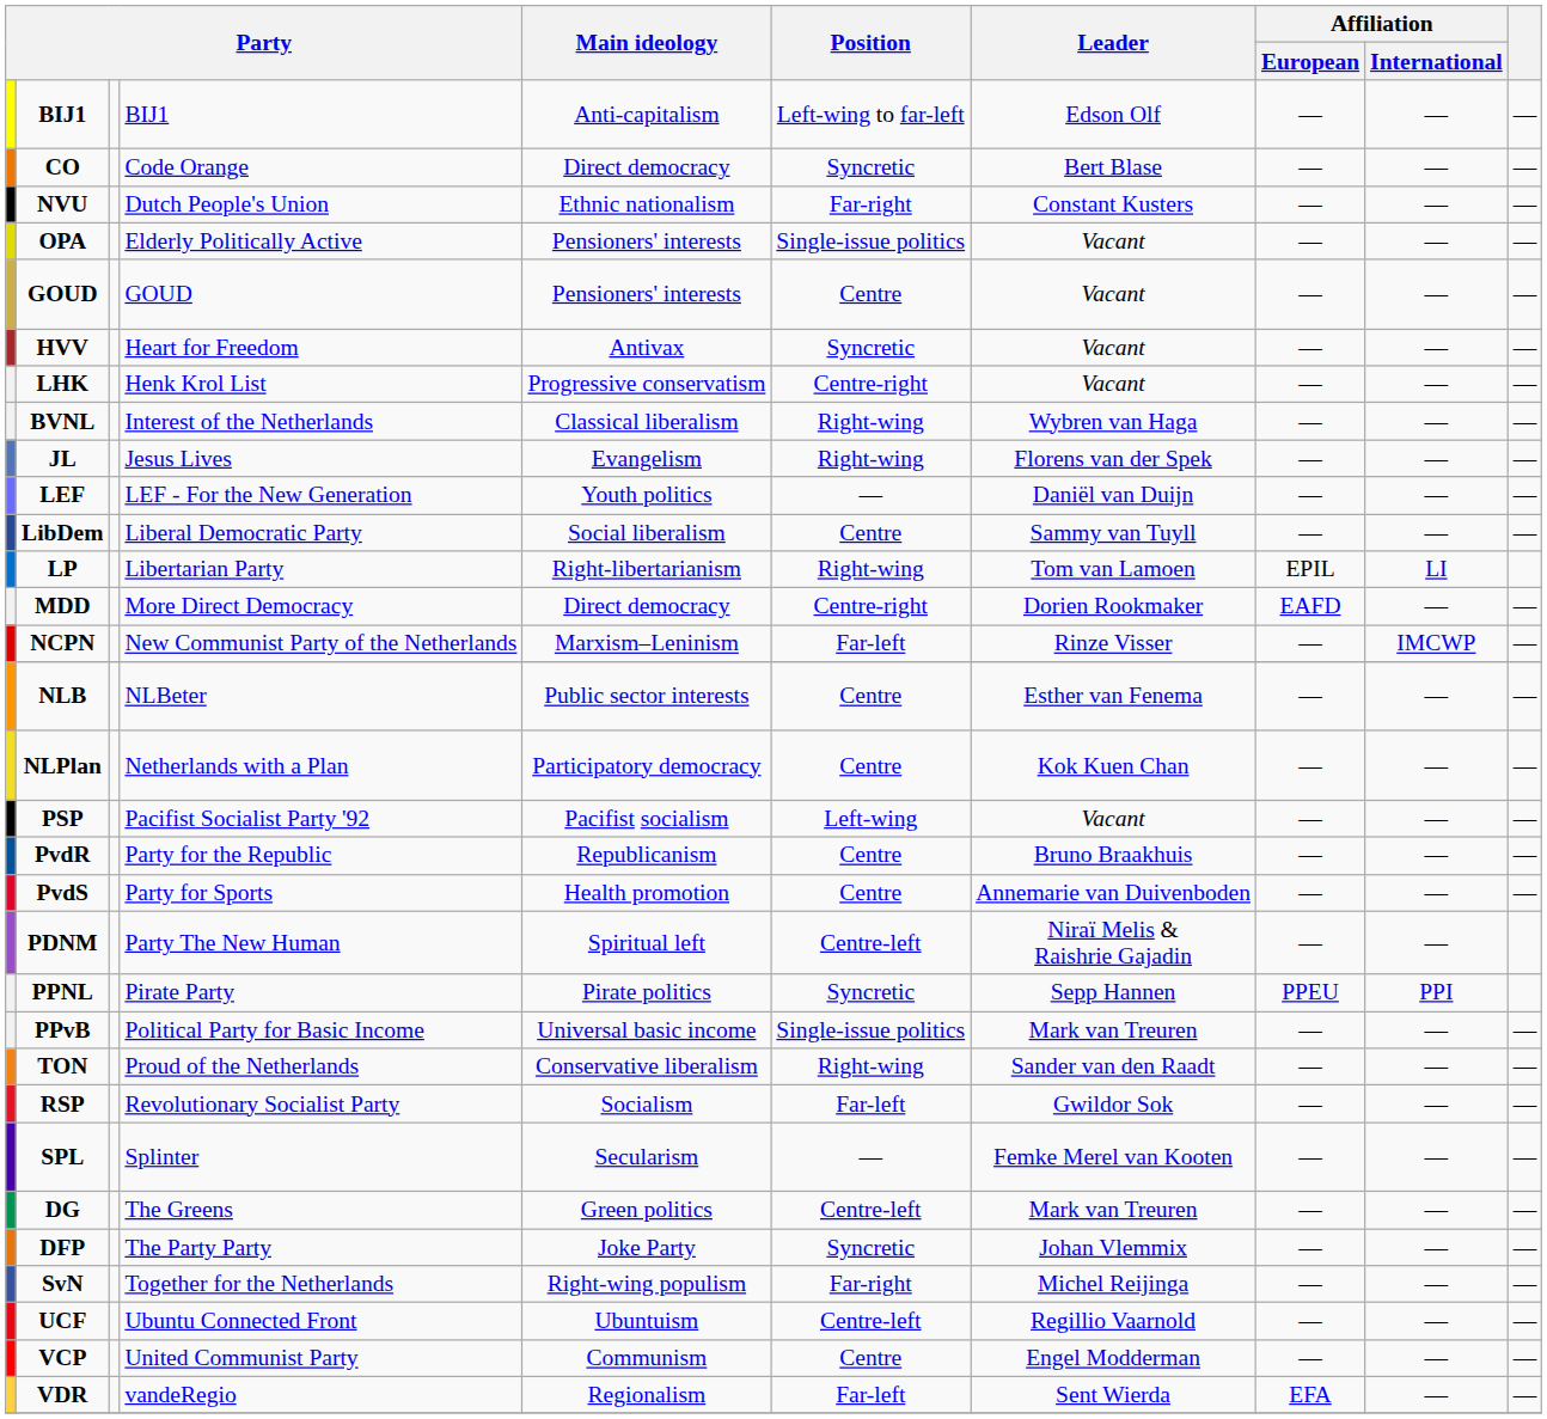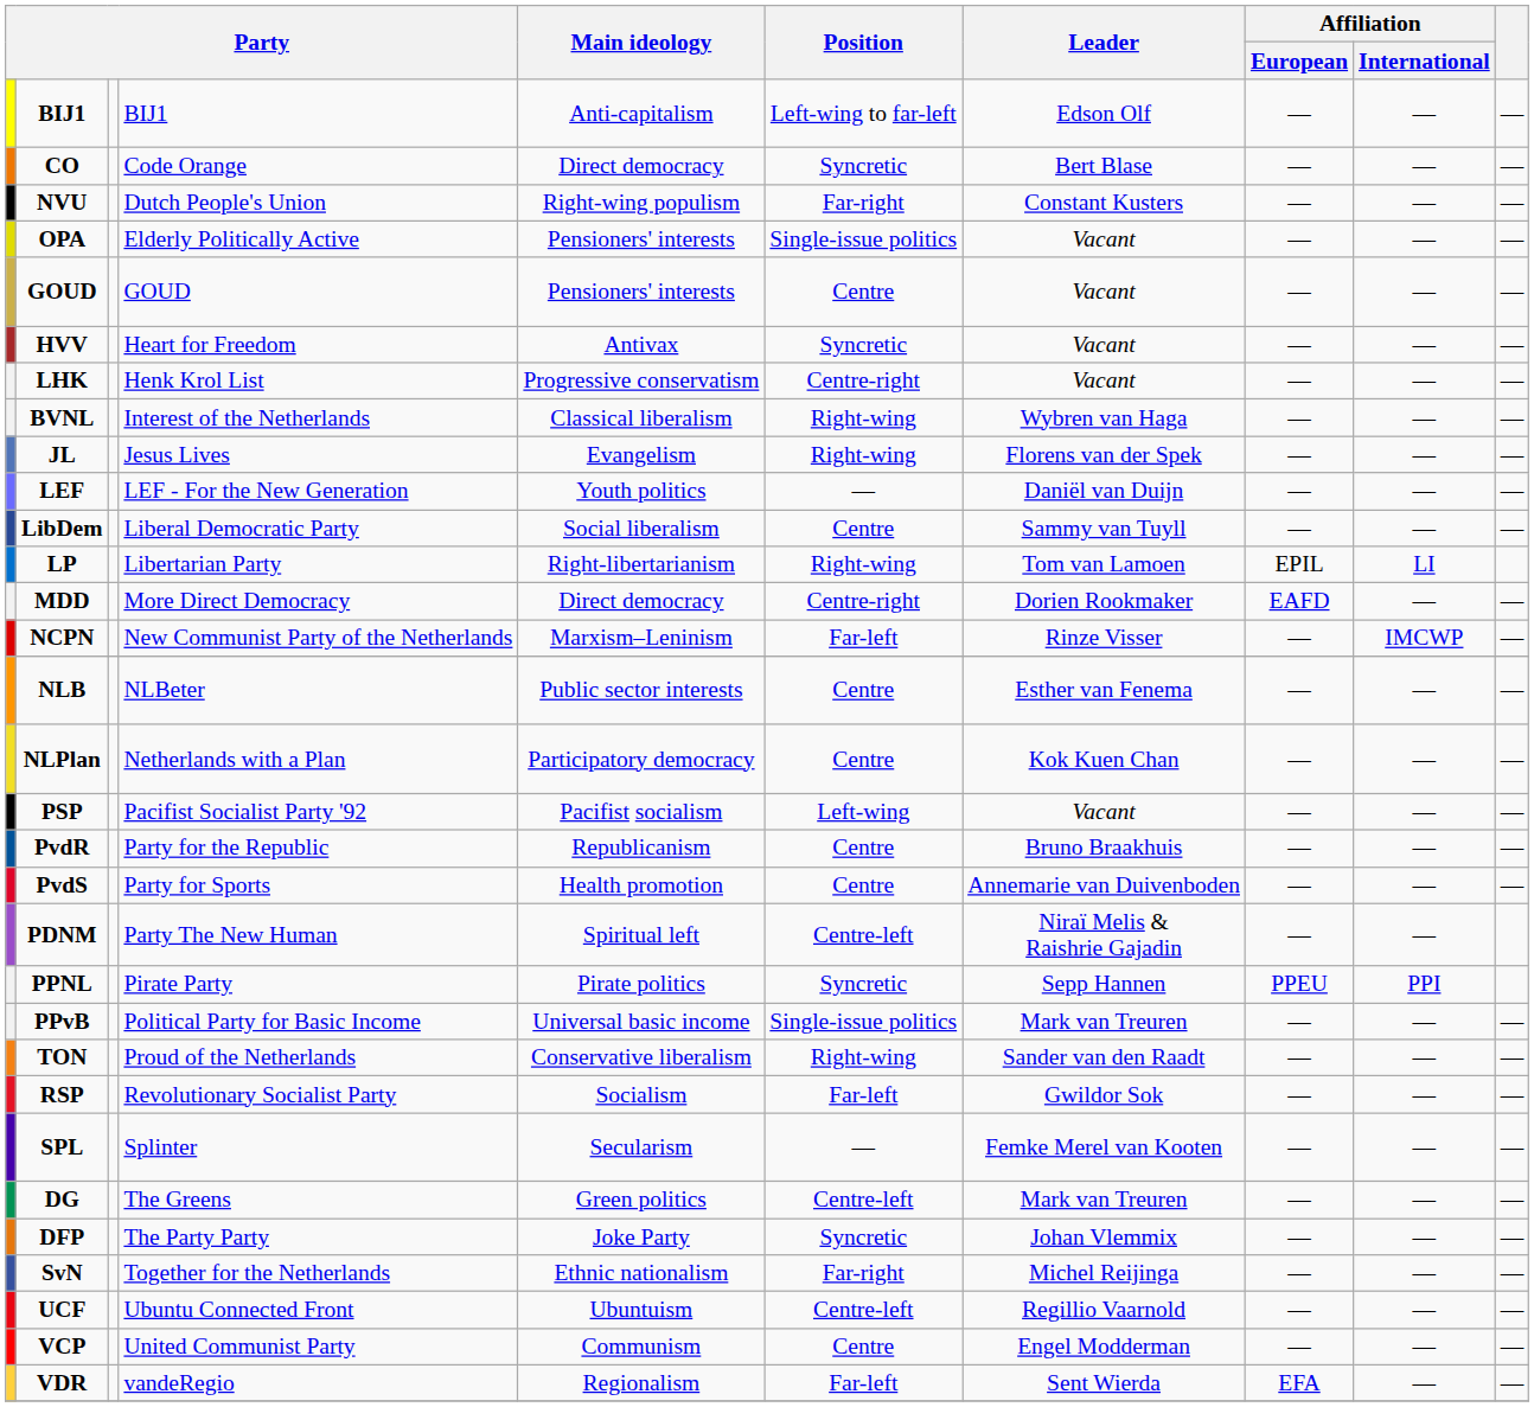 <table class="wikitable" style="text-align:center">
 <tr>
 <th colspan="4" rowspan="2"><a href='#'>Party</a></th>
 <th rowspan="2"><a href='#'>Main ideology</a></th>
 <th rowspan="2"><a href='#'>Position</a></th>
 <th rowspan="2"><a href='#'>Leader</a></th>
 <th colspan="2">Affiliation</th>
 <th rowspan="2"></th>
 </tr>
 <tr>
 <th><a href='#'>European</a></th>
 <th><a href='#'>International</a></th>
 </tr>
 <tr>
 <th ! style="background:#FFFF00;" height="40px"></th>
 <td><strong>BIJ1</strong></td>
 <td></td>
 <td style="text-align:left;"><a href='#'>BIJ1</a> <br></td>
 <td><a href='#'>Anti-capitalism</a></td>
 <td><a href='#'>Left-wing</a> to <a href='#'>far-left</a></td>
 <td><a href='#'>Edson Olf</a></td>
 <td>—</td>
 <td>—</td>
 <td>—</td>
 </tr>
 <tr>
 <th style="background-color:#EF7601;"></th>
 <td><strong>CO</strong></td>
 <td></td>
 <td style="text-align:left;"><a href='#'>Code Orange</a> <br> </td>
 <td><a href='#'>Direct democracy</a></td>
 <td><a href='#'>Syncretic</a></td>
 <td><a href='#'>Bert Blase</a></td>
 <td>—</td>
 <td>—</td>
 <td>—</td>
 </tr>
 <tr>
 <th style="background-color:#000000"></th>
 <td><strong>NVU</strong></td>
 <td></td>
 <td style="text-align:left;"><a href='#'>Dutch People's Union</a> <br> </td>
-<td><a href='#'>Ethnic nationalism</a></td>
+<td><a href='#'>Right-wing populism</a></td>
 <td><a href='#'>Far-right</a></td>
 <td><a href='#'>Constant Kusters</a></td>
 <td>—</td>
 <td>—</td>
 <td>—</td>
 </tr>
 <tr>
 <th style="background-color:#E0DC01;"></th>
 <td><strong>OPA</strong></td>
 <td></td>
 <td style="text-align:left;"><a href='#'>Elderly Politically Active</a> <br> </td>
 <td><a href='#'>Pensioners' interests</a></td>
 <td><a href='#'>Single-issue politics</a></td>
 <td><em>Vacant</em></td>
 <td>—</td>
 <td>—</td>
 <td>—</td>
 </tr>
 <tr>
 <th style="background-color:#CBB04A;" height="40px"></th>
 <td><strong>GOUD</strong></td>
 <td></td>
 <td style="text-align:left;"><a href='#'>GOUD</a>  <br></td>
 <td><a href='#'>Pensioners' interests</a></td>
 <td><a href='#'>Centre</a></td>
 <td><em>Vacant</em></td>
 <td>—</td>
 <td>—</td>
 <td>—</td>
 </tr>
 <tr>
 <th style="background-color:#A7282A;"></th>
 <td><strong>HVV</strong></td>
 <td></td>
 <td style="text-align:left;"><a href='#'>Heart for Freedom</a> <br> </td>
 <td><a href='#'>Antivax</a></td>
 <td><a href='#'>Syncretic</a></td>
 <td><em>Vacant</em></td>
 <td>—</td>
 <td>—</td>
 <td>—</td>
 </tr>
 <tr>
 <th style="background:"></th>
 <td><strong>LHK</strong></td>
 <td></td>
 <td style="text-align:left;"><a href='#'>Henk Krol List</a> <br> </td>
 <td><a href='#'>Progressive conservatism</a></td>
 <td><a href='#'>Centre-right</a></td>
 <td><em>Vacant</em></td>
 <td>—</td>
 <td>—</td>
 <td>—</td>
 </tr>
 <tr>
 <th style="background:"></th>
 <td><strong>BVNL</strong></td>
 <td></td>
 <td style="text-align:left;"><a href='#'>Interest of the Netherlands</a> <br> </td>
 <td><a href='#'>Classical liberalism</a></td>
 <td><a href='#'>Right-wing</a></td>
 <td><a href='#'>Wybren van Haga</a></td>
 <td>—</td>
 <td>—</td>
 <td>—</td>
 </tr>
 <tr>
 <th style="background-color:#5175B8;"></th>
 <td><strong>JL</strong></td>
 <td></td>
 <td style="text-align:left;"><a href='#'>Jesus Lives</a> <br> </td>
 <td><a href='#'>Evangelism</a></td>
 <td><a href='#'>Right-wing</a></td>
 <td><a href='#'>Florens van der Spek</a></td>
 <td>—</td>
 <td>—</td>
 <td>—</td>
 </tr>
 <tr>
 <th style="background-color:#6B6BFF;"></th>
 <td><strong>LEF</strong></td>
 <td></td>
 <td style="text-align:left;"><a href='#'>LEF - For the New Generation</a> <br> </td>
 <td><a href='#'>Youth politics</a></td>
 <td>—</td>
 <td><a href='#'>Daniël van Duijn</a></td>
 <td>—</td>
 <td>—</td>
 <td>—</td>
 </tr>
 <tr>
 <th style="background-color:#284895;"></th>
 <td><strong>LibDem</strong></td>
 <td></td>
 <td style="text-align:left;"><a href='#'>Liberal Democratic Party</a> <br> </td>
 <td><a href='#'>Social liberalism</a></td>
 <td><a href='#'>Centre</a></td>
 <td><a href='#'>Sammy van Tuyll</a></td>
 <td>—</td>
 <td>—</td>
 <td>—</td>
 </tr>
 <tr>
 <th style="background-color:#0071CE;"></th>
 <td><strong>LP</strong></td>
 <td></td>
 <td style="text-align:left;"><a href='#'>Libertarian Party</a> <br> </td>
 <td><a href='#'>Right-libertarianism</a></td>
 <td><a href='#'>Right-wing</a></td>
 <td><a href='#'>Tom van Lamoen</a></td>
 <td>EPIL</td>
 <td><a href='#'>LI</a></td>
 <td></td>
 </tr>
 <tr>
 <th style="background:"></th>
 <td><strong>MDD</strong></td>
 <td></td>
 <td style="text-align:left;"><a href='#'>More Direct Democracy</a> <br> </td>
 <td><a href='#'>Direct democracy</a></td>
 <td><a href='#'>Centre-right</a></td>
 <td><a href='#'>Dorien Rookmaker</a></td>
 <td><a href='#'>EAFD</a></td>
 <td>—</td>
 <td>—</td>
 </tr>
 <tr>
 <th style="background-color:#DD0000"></th>
 <td><strong>NCPN</strong></td>
 <td></td>
 <td style="text-align:left;"><a href='#'>New Communist Party of the Netherlands</a> <br> </td>
 <td><a href='#'>Marxism–Leninism</a></td>
 <td><a href='#'>Far-left</a></td>
 <td><a href='#'>Rinze Visser</a></td>
 <td>—</td>
 <td><a href='#'>IMCWP</a></td>
 <td>—</td>
 </tr>
 <tr>
 </tr>
 <tr>
 <th style="background-color:#FF9600;" height="40px"></th>
 <td><strong>NLB</strong></td>
 <td></td>
 <td style="text-align:left;"><a href='#'>NLBeter</a></td>
 <td><a href='#'>Public sector interests</a></td>
 <td><a href='#'>Centre</a></td>
 <td><a href='#'>Esther van Fenema</a></td>
 <td>—</td>
 <td>—</td>
 <td>—</td>
 </tr>
 <tr>
 <th style="background-color:#F2DF24;" height="40px"></th>
 <td><strong>NLPlan</strong></td>
 <td></td>
 <td style="text-align:left;"><a href='#'>Netherlands with a Plan</a> <br> </td>
 <td><a href='#'>Participatory democracy</a></td>
 <td><a href='#'>Centre</a></td>
 <td><a href='#'>Kok Kuen Chan</a></td>
 <td>—</td>
 <td>—</td>
 <td>—</td>
 </tr>
 <tr>
 <th style="background-color:#000000;"></th>
 <td><strong>PSP</strong></td>
 <td></td>
 <td style="text-align:left;"><a href='#'>Pacifist Socialist Party '92</a> <br> </td>
 <td><a href='#'>Pacifist</a> <a href='#'>socialism</a></td>
 <td><a href='#'>Left-wing</a></td>
 <td><em>Vacant</em></td>
 <td>—</td>
 <td>—</td>
 <td>—</td>
 </tr>
 <tr>
 <th style="background-color:#005399;"></th>
 <td><strong>PvdR</strong></td>
 <td></td>
 <td style="text-align:left;"><a href='#'>Party for the Republic</a> <br> </td>
 <td><a href='#'>Republicanism</a></td>
 <td><a href='#'>Centre</a></td>
 <td><a href='#'>Bruno Braakhuis</a></td>
 <td>—</td>
 <td>—</td>
 <td>—</td>
 </tr>
 <tr>
 <th style="background:#e0042a;"></th>
 <td><strong>PvdS</strong></td>
 <td></td>
 <td style="text-align:left;"><a href='#'>Party for Sports</a> <br> </td>
 <td><a href='#'>Health promotion</a></td>
 <td><a href='#'>Centre</a></td>
 <td><a href='#'>Annemarie van Duivenboden</a></td>
 <td>—</td>
 <td>—</td>
 <td>—</td>
 </tr>
 <tr>
 <th style="background-color:#9A4DC9;"></th>
 <td><strong>PDNM</strong></td>
 <td></td>
 <td style="text-align:left;"><a href='#'>Party The New Human</a> <br> </td>
 <td><a href='#'>Spiritual left</a></td>
 <td><a href='#'>Centre-left</a></td>
 <td><a href='#'>Niraï Melis</a> & <br> <a href='#'>Raishrie Gajadin</a></td>
 <td>—</td>
 <td>—</td>
 <td></td>
 </tr>
 <tr>
 <th style="background:"></th>
 <td><strong>PPNL</strong></td>
 <td></td>
 <td style="text-align:left;"><a href='#'>Pirate Party</a> <br> </td>
 <td><a href='#'>Pirate politics</a></td>
 <td><a href='#'>Syncretic</a></td>
 <td><a href='#'>Sepp Hannen</a></td>
 <td><a href='#'>PPEU</a></td>
 <td><a href='#'>PPI</a></td>
 <td></td>
 </tr>
 <tr>
 <th style="background:"></th>
 <td><strong>PPvB</strong></td>
 <td></td>
 <td style="text-align:left;"><a href='#'>Political Party for Basic Income</a> <br> </td>
 <td><a href='#'>Universal basic income</a></td>
 <td><a href='#'>Single-issue politics</a></td>
 <td><a href='#'>Mark van Treuren</a></td>
 <td>—</td>
 <td>—</td>
 <td>—</td>
 </tr>
 <tr>
 <th style="background-color:#F58113;"></th>
 <td><strong>TON</strong></td>
 <td></td>
 <td style="text-align:left;"><a href='#'>Proud of the Netherlands</a> <br> </td>
 <td><a href='#'>Conservative liberalism</a></td>
 <td><a href='#'>Right-wing</a></td>
 <td><a href='#'>Sander van den Raadt</a></td>
 <td>—</td>
 <td>—</td>
 <td>—</td>
 </tr>
 <tr>
 <th style="background-color:#e51225;"></th>
 <td><strong>RSP</strong></td>
 <td></td>
 <td style="text-align: left;"><a href='#'>Revolutionary Socialist Party</a> <br> </td>
 <td><a href='#'>Socialism</a></td>
 <td><a href='#'>Far-left</a></td>
 <td><a href='#'>Gwildor Sok</a></td>
 <td>—</td>
 <td>—</td>
 <td>—</td>
 </tr>
 <tr>
 <th style="background-color:#4500AB;" height="40px"></th>
 <td><strong>SPL</strong></td>
 <td></td>
 <td style="text-align:left;"><a href='#'>Splinter</a></td>
 <td><a href='#'>Secularism</a></td>
 <td>—</td>
 <td><a href='#'>Femke Merel van Kooten</a></td>
 <td>—</td>
 <td>—</td>
 <td>—</td>
 </tr>
 <tr>
 <th style="background-color:#019354;"></th>
 <td><strong>DG</strong></td>
 <td></td>
 <td style="text-align:left;"><a href='#'>The Greens</a> <br> </td>
 <td><a href='#'>Green politics</a></td>
 <td><a href='#'>Centre-left</a></td>
 <td><a href='#'>Mark van Treuren</a></td>
 <td>—</td>
 <td>—</td>
 <td>—</td>
 </tr>
 <tr>
 <th style="background-color:#E6760B;"></th>
 <td><strong>DFP</strong></td>
 <td></td>
 <td style="text-align:left;"><a href='#'>The Party Party</a> <br> </td>
 <td><a href='#'>Joke Party</a></td>
 <td><a href='#'>Syncretic</a></td>
 <td><a href='#'>Johan Vlemmix</a></td>
 <td>—</td>
 <td>—</td>
 <td>—</td>
 </tr>
 <tr>
 <th style="background-color:#36519F;"></th>
 <td><strong>SvN</strong></td>
 <td></td>
 <td style="text-align:left;"><a href='#'>Together for the Netherlands</a> <br> </td>
-<td><a href='#'>Right-wing populism</a></td>
+<td><a href='#'>Ethnic nationalism</a></td>
 <td><a href='#'>Far-right</a></td>
 <td><a href='#'>Michel Reijinga</a></td>
 <td>—</td>
 <td>—</td>
 <td>—</td>
 </tr>
 <tr>
 <th style="background-color:#EA0512"></th>
 <td><strong>UCF</strong></td>
 <td></td>
 <td style="text-align:left;"><a href='#'>Ubuntu Connected Front</a></td>
 <td><a href='#'>Ubuntuism</a></td>
 <td><a href='#'>Centre-left</a></td>
 <td><a href='#'>Regillio Vaarnold</a></td>
 <td>—</td>
 <td>—</td>
 <td>—</td>
 </tr>
 <tr>
 <th style="background-color:#FF0000"></th>
 <td><strong>VCP</strong></td>
 <td></td>
 <td style="text-align:left;"><a href='#'>United Communist Party</a> <br> </td>
 <td><a href='#'>Communism</a></td>
 <td><a href='#'>Centre</a></td>
 <td><a href='#'>Engel Modderman</a></td>
 <td>—</td>
 <td>—</td>
 <td>—</td>
 </tr>
 <tr>
 <th style="background-color:#FFD13C;"></th>
 <td><strong>VDR</strong></td>
 <td></td>
 <td style="text-align:left;"><a href='#'>vandeRegio</a></td>
 <td><a href='#'>Regionalism</a></td>
 <td><a href='#'>Far-left</a></td>
 <td><a href='#'>Sent Wierda</a></td>
 <td><a href='#'>EFA</a></td>
 <td>—</td>
 <td>—</td>
 </tr>
 <tr>
 </tr>
 </table>
